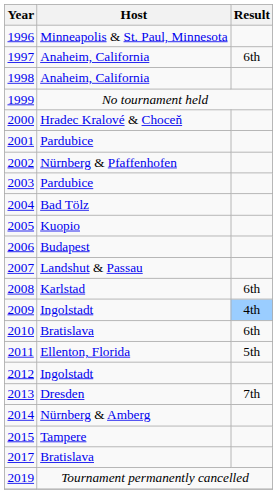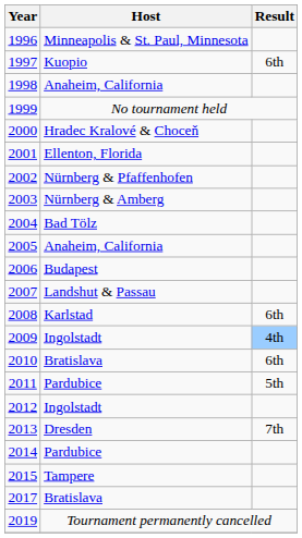 <table class="wikitable" style="text-align:center;">
 <tr>
 <th>Year</th>
 <th>Host</th>
 <th>Result</th>
 </tr>
 <tr>
 <td> <a href='#'>1996</a></td>
 <td align=left><a href='#'>Minneapolis</a> & <a href='#'>St. Paul, Minnesota</a></td>
 <td></td>
 </tr>
 <tr>
 <td> <a href='#'>1997</a></td>
-<td align=left><a href='#'>Anaheim, California</a></td>
+<td align=left><a href='#'>Kuopio</a></td>
 <td>6th</td>
 </tr>
 <tr>
 <td> <a href='#'>1998</a></td>
 <td align=left><a href='#'>Anaheim, California</a></td>
 <td></td>
 </tr>
 <tr>
 <td><a href='#'>1999</a></td>
 <td colspan=2><em>No tournament held</em></td>
 </tr>
 <tr>
 <td> <a href='#'>2000</a></td>
 <td align=left><a href='#'>Hradec Kralové</a> & <a href='#'>Choceň</a></td>
 <td></td>
 </tr>
 <tr>
 <td> <a href='#'>2001</a></td>
-<td align=left><a href='#'>Pardubice</a></td>
+<td align=left><a href='#'>Ellenton, Florida</a></td>
 <td></td>
 </tr>
 <tr>
 <td> <a href='#'>2002</a></td>
 <td align=left><a href='#'>Nürnberg</a> & <a href='#'>Pfaffenhofen</a></td>
 <td></td>
 </tr>
 <tr>
 <td> <a href='#'>2003</a></td>
-<td align=left><a href='#'>Pardubice</a></td>
+<td align=left><a href='#'>Nürnberg</a> & <a href='#'>Amberg</a></td>
 <td></td>
 </tr>
 <tr>
 <td> <a href='#'>2004</a></td>
 <td align=left><a href='#'>Bad Tölz</a></td>
 <td></td>
 </tr>
 <tr>
 <td> <a href='#'>2005</a></td>
-<td align=left><a href='#'>Kuopio</a></td>
+<td align=left><a href='#'>Anaheim, California</a></td>
 <td></td>
 </tr>
 <tr>
 <td> <a href='#'>2006</a></td>
 <td align=left><a href='#'>Budapest</a></td>
 <td></td>
 </tr>
 <tr>
 <td> <a href='#'>2007</a></td>
 <td align=left><a href='#'>Landshut</a> & <a href='#'>Passau</a></td>
 <td></td>
 </tr>
 <tr>
 <td> <a href='#'>2008</a></td>
 <td align=left><a href='#'>Karlstad</a></td>
 <td>6th</td>
 </tr>
 <tr>
 <td> <a href='#'>2009</a></td>
 <td align=left><a href='#'>Ingolstadt</a></td>
 <td style="background:#9acdff;">4th</td>
 </tr>
 <tr>
 <td> <a href='#'>2010</a></td>
 <td align=left><a href='#'>Bratislava</a></td>
 <td>6th</td>
 </tr>
 <tr>
 <td> <a href='#'>2011</a></td>
-<td align=left><a href='#'>Ellenton, Florida</a></td>
+<td align=left><a href='#'>Pardubice</a></td>
 <td>5th</td>
 </tr>
 <tr>
 <td> <a href='#'>2012</a></td>
 <td align=left><a href='#'>Ingolstadt</a></td>
 <td></td>
 </tr>
 <tr>
 <td> <a href='#'>2013</a></td>
 <td align=left><a href='#'>Dresden</a></td>
 <td>7th</td>
 </tr>
 <tr>
 <td> <a href='#'>2014</a></td>
-<td align=left><a href='#'>Nürnberg</a> & <a href='#'>Amberg</a></td>
+<td align=left><a href='#'>Pardubice</a></td>
 <td></td>
 </tr>
 <tr>
 <td> <a href='#'>2015</a></td>
 <td align=left><a href='#'>Tampere</a></td>
 <td></td>
 </tr>
 <tr>
 <td> <a href='#'>2017</a></td>
 <td align=left><a href='#'>Bratislava</a></td>
 <td></td>
 </tr>
 <tr>
 <td> <a href='#'>2019</a></td>
 <td colspan=2><em>Tournament permanently cancelled</em></td>
 </tr>
 <tr>
 </tr>
 </table>
